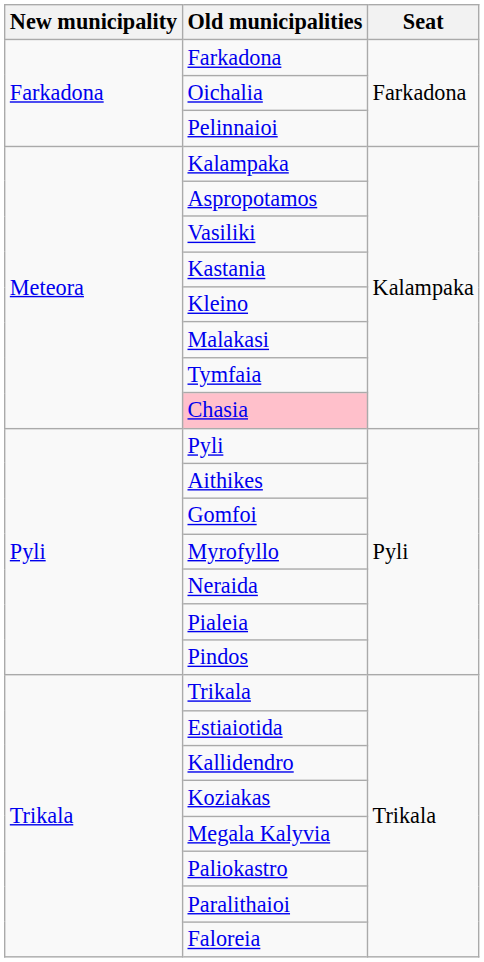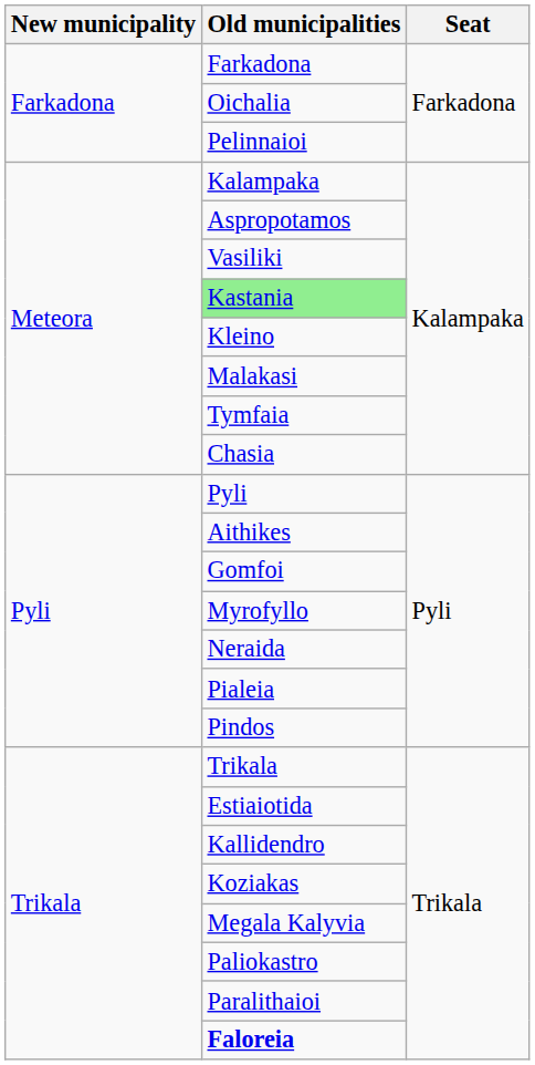 <table class="wikitable">
 <tr>
 <th>New municipality</th>
 <th>Old municipalities</th>
 <th>Seat</th>
 </tr>
 <tr>
 <td rowspan=3><a href='#'>Farkadona</a></td>
 <td><a href='#'>Farkadona</a></td>
 <td rowspan=3>Farkadona</td>
 </tr>
 <tr>
 <td><a href='#'>Oichalia</a></td>
 </tr>
 <tr>
 <td><a href='#'>Pelinnaioi</a></td>
 </tr>
 <tr>
 <td rowspan=8><a href='#'>Meteora</a></td>
 <td><a href='#'>Kalampaka</a></td>
 <td rowspan=8>Kalampaka</td>
 </tr>
 <tr>
 <td><a href='#'>Aspropotamos</a></td>
 </tr>
 <tr>
 <td><a href='#'>Vasiliki</a></td>
 </tr>
 <tr>
-<td><a href='#'>Kastania</a></td>
+<td style="background: lightgreen;"><a href='#'>Kastania</a></td>
 </tr>
 <tr>
 <td><a href='#'>Kleino</a></td>
 </tr>
 <tr>
 <td><a href='#'>Malakasi</a></td>
 </tr>
 <tr>
 <td><a href='#'>Tymfaia</a></td>
 </tr>
 <tr>
-<td style="background: pink;"><a href='#'>Chasia</a></td>
+<td><a href='#'>Chasia</a></td>
 </tr>
 <tr>
 <td rowspan=7><a href='#'>Pyli</a></td>
 <td><a href='#'>Pyli</a></td>
 <td rowspan=7>Pyli</td>
 </tr>
 <tr>
 <td><a href='#'>Aithikes</a></td>
 </tr>
 <tr>
 <td><a href='#'>Gomfoi</a></td>
 </tr>
 <tr>
 <td><a href='#'>Myrofyllo</a></td>
 </tr>
 <tr>
 <td><a href='#'>Neraida</a></td>
 </tr>
 <tr>
 <td><a href='#'>Pialeia</a></td>
 </tr>
 <tr>
 <td><a href='#'>Pindos</a></td>
 </tr>
 <tr>
 <td rowspan=8><a href='#'>Trikala</a></td>
 <td><a href='#'>Trikala</a></td>
 <td rowspan=8>Trikala</td>
 </tr>
 <tr>
 <td><a href='#'>Estiaiotida</a></td>
 </tr>
 <tr>
 <td><a href='#'>Kallidendro</a></td>
 </tr>
 <tr>
 <td><a href='#'>Koziakas</a></td>
 </tr>
 <tr>
 <td><a href='#'>Megala Kalyvia</a></td>
 </tr>
 <tr>
 <td><a href='#'>Paliokastro</a></td>
 </tr>
 <tr>
 <td><a href='#'>Paralithaioi</a></td>
 </tr>
 <tr>
-<td><a href='#'>Faloreia</a></td>
+<td><strong><a href='#'>Faloreia</a></strong></td>
 </tr>
 </table>
